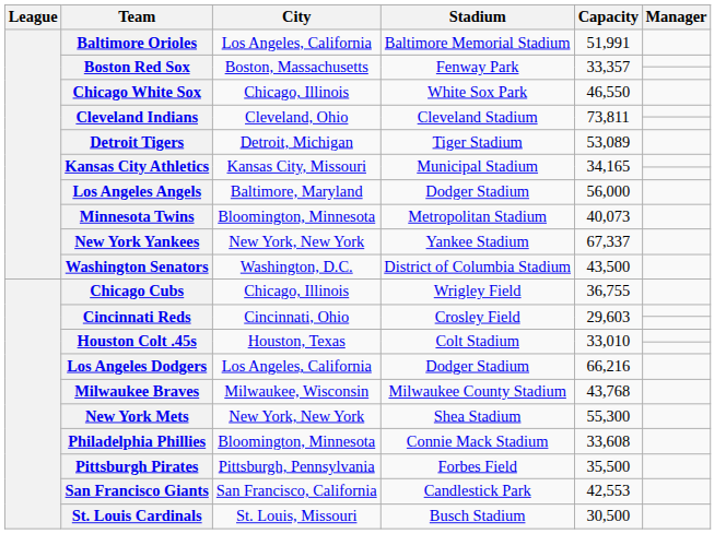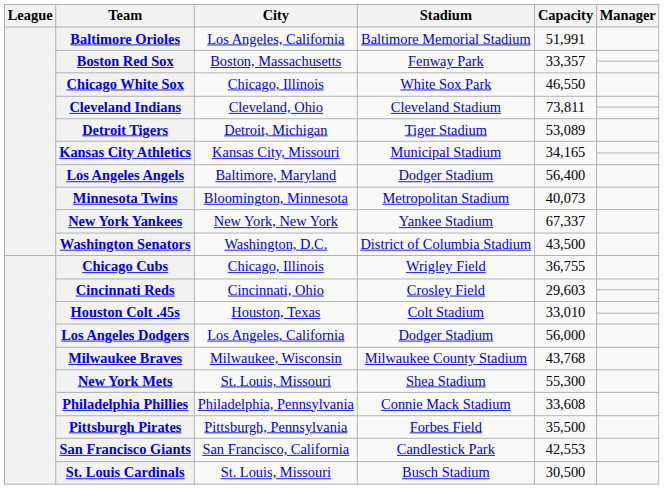 <table class="wikitable sortable plainrowheaders" style="text-align:center;">
 <tr>
 <th scope="col">League</th>
 <th scope="col">Team</th>
 <th scope="col">City</th>
 <th scope="col">Stadium</th>
 <th scope="col">Capacity</th>
 <th scope="col">Manager</th>
 </tr>
 <tr>
 <th rowspan="13"></th>
 <th scope="row"><a href='#'>Baltimore Orioles</a></th>
 <td><a href='#'>Los Angeles, California</a></td>
 <td><a href='#'>Baltimore Memorial Stadium</a></td>
 <td>51,991</td>
 <td></td>
 </tr>
 <tr>
 <th rowspan="2" scope="row"><a href='#'>Boston Red Sox</a></th>
 <td rowspan="2"><a href='#'>Boston, Massachusetts</a></td>
 <td rowspan="2"><a href='#'>Fenway Park</a></td>
 <td rowspan="2">33,357</td>
 <td></td>
 </tr>
 <tr>
 <td></td>
 </tr>
 <tr>
 <th scope="row"><a href='#'>Chicago White Sox</a></th>
 <td><a href='#'>Chicago, Illinois</a></td>
 <td><a href='#'>White Sox Park</a></td>
 <td>46,550</td>
 <td></td>
 </tr>
 <tr>
 <th rowspan="2" scope="row"><a href='#'>Cleveland Indians</a></th>
 <td rowspan="2"><a href='#'>Cleveland, Ohio</a></td>
 <td rowspan="2"><a href='#'>Cleveland Stadium</a></td>
 <td rowspan="2">73,811</td>
 <td></td>
 </tr>
 <tr>
 <td></td>
 </tr>
 <tr>
 <th scope="row"><a href='#'>Detroit Tigers</a></th>
 <td><a href='#'>Detroit, Michigan</a></td>
 <td><a href='#'>Tiger Stadium</a></td>
 <td>53,089</td>
 <td></td>
 </tr>
 <tr>
 <th rowspan="2" scope="row"><a href='#'>Kansas City Athletics</a></th>
 <td rowspan="2"><a href='#'>Kansas City, Missouri</a></td>
 <td rowspan="2"><a href='#'>Municipal Stadium</a></td>
 <td rowspan="2">34,165</td>
 <td></td>
 </tr>
 <tr>
 <td></td>
 </tr>
 <tr>
 <th scope="row"><a href='#'>Los Angeles Angels</a></th>
 <td><a href='#'>Baltimore, Maryland</a></td>
 <td><a href='#'>Dodger Stadium</a></td>
-<td>56,000</td>
+<td>56,400</td>
 <td></td>
 </tr>
 <tr>
 <th scope="row"><a href='#'>Minnesota Twins</a></th>
 <td><a href='#'>Bloomington, Minnesota</a></td>
 <td><a href='#'>Metropolitan Stadium</a></td>
 <td>40,073</td>
 <td></td>
 </tr>
 <tr>
 <th scope="row"><a href='#'>New York Yankees</a></th>
 <td><a href='#'>New York, New York</a></td>
 <td><a href='#'>Yankee Stadium</a></td>
 <td>67,337</td>
 <td></td>
 </tr>
 <tr>
 <th scope="row"><a href='#'>Washington Senators</a></th>
 <td><a href='#'>Washington, D.C.</a></td>
 <td><a href='#'>District of Columbia Stadium</a></td>
 <td>43,500</td>
 <td></td>
 </tr>
 <tr>
 <th rowspan="12"></th>
 <th scope="row"><a href='#'>Chicago Cubs</a></th>
 <td><a href='#'>Chicago, Illinois</a></td>
 <td><a href='#'>Wrigley Field</a></td>
 <td>36,755</td>
 <td></td>
 </tr>
 <tr>
 <th rowspan="2" scope="row"><a href='#'>Cincinnati Reds</a></th>
 <td rowspan="2"><a href='#'>Cincinnati, Ohio</a></td>
 <td rowspan="2"><a href='#'>Crosley Field</a></td>
 <td rowspan="2">29,603</td>
 <td></td>
 </tr>
 <tr>
 <td></td>
 </tr>
 <tr>
 <th rowspan="2" scope="row"><a href='#'>Houston Colt .45s</a></th>
 <td rowspan="2"><a href='#'>Houston, Texas</a></td>
 <td rowspan="2"><a href='#'>Colt Stadium</a></td>
 <td rowspan="2">33,010</td>
 <td></td>
 </tr>
 <tr>
 <td></td>
 </tr>
 <tr>
 <th scope="row"><a href='#'>Los Angeles Dodgers</a></th>
 <td><a href='#'>Los Angeles, California</a></td>
 <td><a href='#'>Dodger Stadium</a></td>
-<td>66,216</td>
+<td>56,000</td>
 <td></td>
 </tr>
 <tr>
 <th scope="row"><a href='#'>Milwaukee Braves</a></th>
 <td><a href='#'>Milwaukee, Wisconsin</a></td>
 <td><a href='#'>Milwaukee County Stadium</a></td>
 <td>43,768</td>
 <td></td>
 </tr>
 <tr>
 <th scope="row"><a href='#'>New York Mets</a></th>
-<td><a href='#'>New York, New York</a></td>
+<td><a href='#'>St. Louis, Missouri</a></td>
 <td><a href='#'>Shea Stadium</a></td>
 <td>55,300</td>
 <td></td>
 </tr>
 <tr>
 <th scope="row"><a href='#'>Philadelphia Phillies</a></th>
-<td><a href='#'>Bloomington, Minnesota</a></td>
+<td><a href='#'>Philadelphia, Pennsylvania</a></td>
 <td><a href='#'>Connie Mack Stadium</a></td>
 <td>33,608</td>
 <td></td>
 </tr>
 <tr>
 <th scope="row"><a href='#'>Pittsburgh Pirates</a></th>
 <td><a href='#'>Pittsburgh, Pennsylvania</a></td>
 <td><a href='#'>Forbes Field</a></td>
 <td>35,500</td>
 <td></td>
 </tr>
 <tr>
 <th scope="row"><a href='#'>San Francisco Giants</a></th>
 <td><a href='#'>San Francisco, California</a></td>
 <td><a href='#'>Candlestick Park</a></td>
 <td>42,553</td>
 <td></td>
 </tr>
 <tr>
 <th scope="row"><a href='#'>St. Louis Cardinals</a></th>
 <td><a href='#'>St. Louis, Missouri</a></td>
 <td><a href='#'>Busch Stadium</a></td>
 <td>30,500</td>
 <td></td>
 </tr>
 </table>
